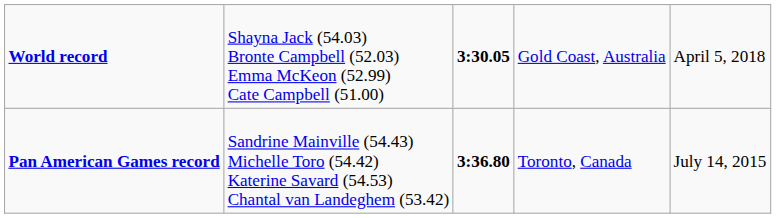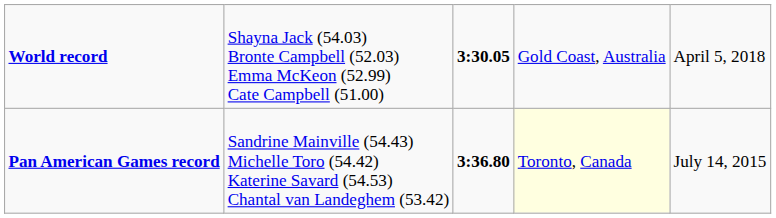 <table class="wikitable">
 <tr>
 <td><strong><a href='#'>World record</a></strong></td>
 <td><br><a href='#'>Shayna Jack</a> (54.03)<br><a href='#'>Bronte Campbell</a> (52.03)<br><a href='#'>Emma McKeon</a> (52.99)<br><a href='#'>Cate Campbell</a> (51.00)</td>
 <td><strong>3:30.05</strong></td>
 <td><a href='#'>Gold Coast</a>, <a href='#'>Australia</a></td>
 <td>April 5, 2018</td>
 </tr>
 <tr>
 <td><strong><a href='#'>Pan American Games record</a></strong></td>
 <td><br><a href='#'>Sandrine Mainville</a> (54.43)<br><a href='#'>Michelle Toro</a> (54.42)<br><a href='#'>Katerine Savard</a> (54.53)<br><a href='#'>Chantal van Landeghem</a> (53.42)</td>
 <td><strong>3:36.80</strong></td>
-<td><a href='#'>Toronto</a>, <a href='#'>Canada</a></td>
+<td style="background: lightyellow;"><a href='#'>Toronto</a>, <a href='#'>Canada</a></td>
 <td>July 14, 2015</td>
 </tr>
 </table>
